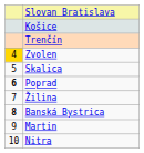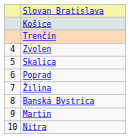 <table class="wikitable" style="width:200px;">
 <tr style="background:#F7F6A8;">
 <td align=center></td>
 <td><a href='#'>Slovan Bratislava</a></td>
 </tr>
 <tr style="background:#DCE5E5;">
 <td align=center></td>
 <td><a href='#'>Košice</a></td>
 </tr>
 <tr style="background:#FFDAB9;">
 <td align=center></td>
 <td><a href='#'>Trenčín</a></td>
 </tr>
 <tr>
-<td align=center style="background: gold;">4</td>
+<td align=center>4</td>
 <td><a href='#'>Zvolen</a></td>
 </tr>
 <tr>
 <td align=center>5</td>
 <td><a href='#'>Skalica</a></td>
 </tr>
 <tr>
-<td align=center><strong>6</strong></td>
+<td align=center>6</td>
 <td><a href='#'>Poprad</a></td>
 </tr>
 <tr>
 <td align=center>7</td>
 <td><a href='#'>Žilina</a></td>
 </tr>
 <tr>
-<td align=center><strong>8</strong></td>
+<td align=center>8</td>
 <td><a href='#'>Banská Bystrica</a></td>
 </tr>
 <tr>
 <td align=center>9</td>
 <td><a href='#'>Martin</a></td>
 </tr>
 <tr>
 <td align=center>10</td>
 <td><a href='#'>Nitra</a></td>
 </tr>
 </table>
